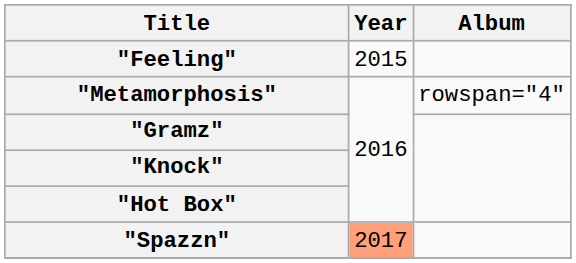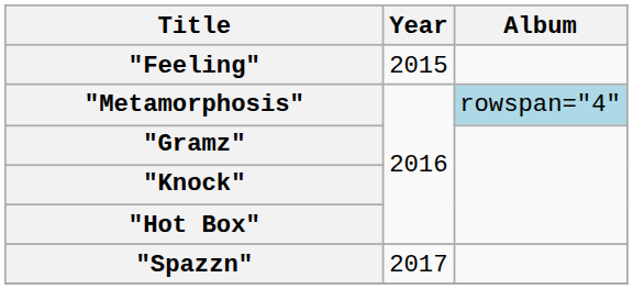 <table class="wikitable plainrowheaders" style="text-align:center;">
 <tr>
 <th scope="col" style="width:15em;">Title</th>
 <th scope="col">Year</th>
 <th scope="col">Album</th>
 </tr>
 <tr>
 <th scope="row">"Feeling" <br></th>
 <td>2015</td>
 <td></td>
 </tr>
 <tr>
 <th scope="row">"Metamorphosis" <br></th>
 <td rowspan="4">2016</td>
-<td>rowspan="4" </td>
+<td style="background: lightblue;">rowspan="4" </td>
 </tr>
 <tr>
 <th scope="row">"Gramz" <br></th>
 </tr>
 <tr>
 <th scope="row">"Knock"</th>
 </tr>
 <tr>
 <th scope="row">"Hot Box" <br></th>
 </tr>
 <tr>
 <th scope="row">"Spazzn" <br></th>
-<td style="background: lightsalmon;">2017</td>
+<td>2017</td>
 <td></td>
 </tr>
 <tr>
 </tr>
 </table>
